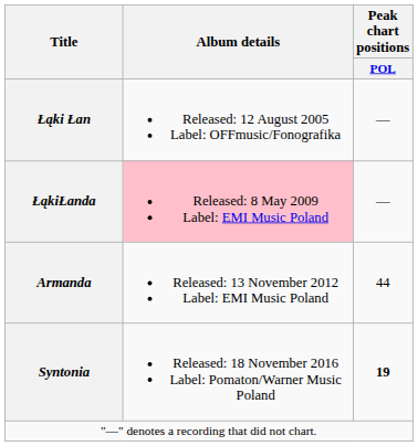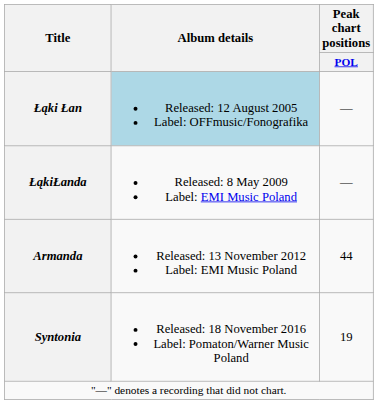 <table class="wikitable plainrowheaders" style="text-align:center;" border="1">
 <tr>
 <th scope="col" rowspan="2" style="width:8em;">Title</th>
 <th scope="col" rowspan="2" style="width:16em;">Album details</th>
 <th scope="col" colspan="1">Peak chart positions</th>
 </tr>
 <tr>
 <th scope="col" style="width:2.2em;font-size:90%;"><a href='#'>POL</a><br></th>
 </tr>
 <tr>
 <th scope="row"><em>Łąki Łan</em></th>
-<td><br><ul><li>Released: 12 August 2005</li><li>Label: OFFmusic/Fonografika</li></ul></td>
+<td style="background: lightblue;"><br><ul><li>Released: 12 August 2005</li><li>Label: OFFmusic/Fonografika</li></ul></td>
 <td>—</td>
 </tr>
 <tr>
 <th scope="row"><em>ŁąkiŁanda</em></th>
-<td style="background: pink;"><br><ul><li>Released: 8 May 2009</li><li>Label: <a href='#'>EMI Music Poland</a></li></ul></td>
+<td><br><ul><li>Released: 8 May 2009</li><li>Label: <a href='#'>EMI Music Poland</a></li></ul></td>
 <td>—</td>
 </tr>
 <tr>
 <th scope="row"><em>Armanda</em></th>
 <td><br><ul><li>Released: 13 November 2012</li><li>Label: EMI Music Poland</li></ul></td>
 <td>44</td>
 </tr>
 <tr>
 <th scope="row"><em>Syntonia</em></th>
 <td><br><ul><li>Released: 18 November 2016</li><li>Label: Pomaton/Warner Music Poland</li></ul></td>
-<td><strong>19</strong></td>
+<td>19</td>
 </tr>
 <tr>
 <td colspan="14" style="font-size:90%">"—" denotes a recording that did not chart.</td>
 </tr>
 </table>
